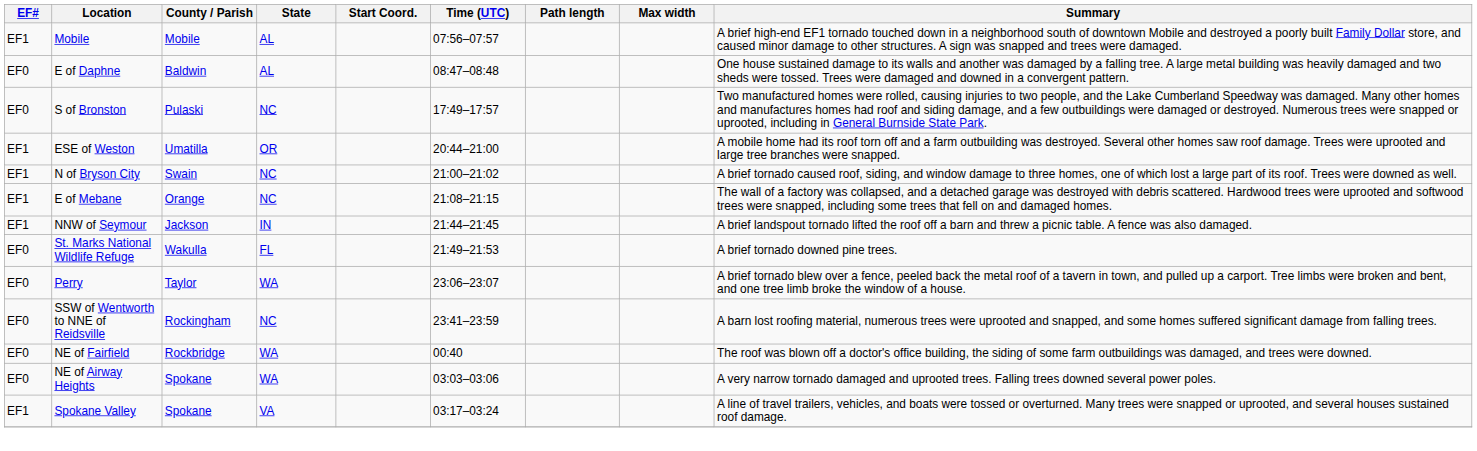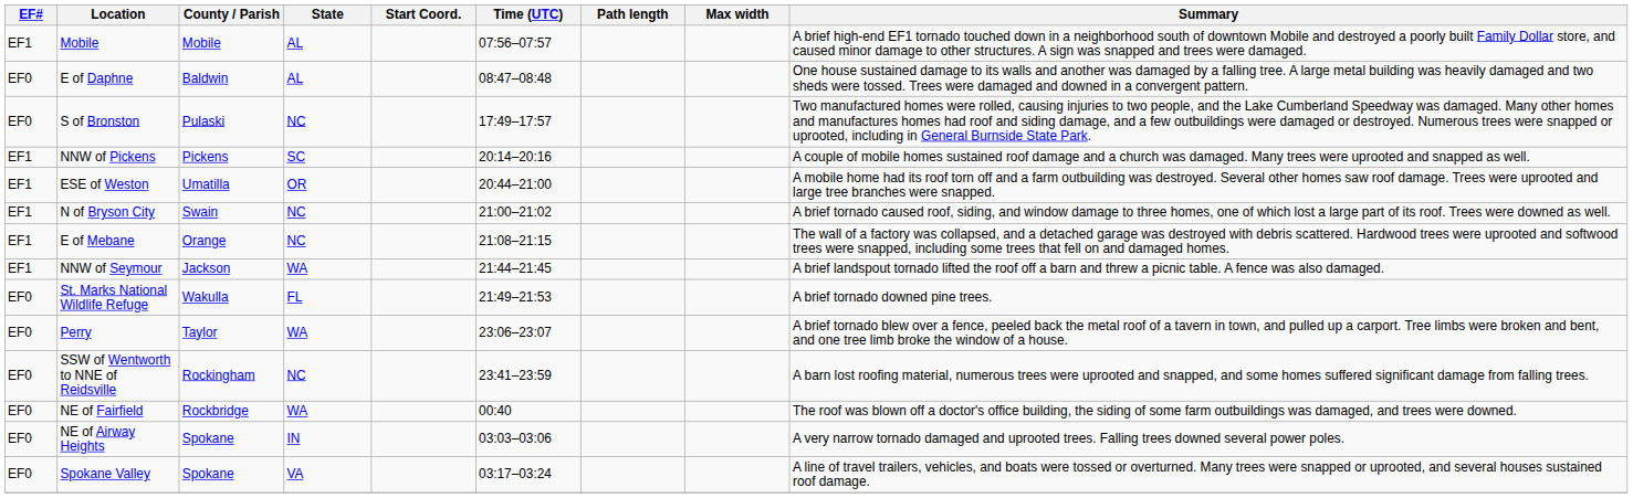 <table class="wikitable sortable" style="width:100%;">
 <tr>
 <th scope="col"  style="width:3%; text-align:center;"><a href='#'>EF#</a></th>
 <th scope="col"  style="width:7%; text-align:center;" class="unsortable">Location</th>
 <th scope="col"  style="width:6%; text-align:center;" class="unsortable">County / Parish</th>
 <th scope="col"  style="width:5%; text-align:center;">State</th>
 <th scope="col"  style="width:6%; text-align:center;">Start Coord.</th>
 <th scope="col"  style="width:6%; text-align:center;">Time (<a href='#'>UTC</a>)</th>
 <th scope="col"  style="width:6%; text-align:center;">Path length</th>
 <th scope="col"  style="width:6%; text-align:center;">Max width</th>
 <th scope="col" class="unsortable" style="width:48%; text-align:center;">Summary</th>
 </tr>
 <tr>
 <td>EF1</td>
 <td><a href='#'>Mobile</a></td>
 <td><a href='#'>Mobile</a></td>
 <td><a href='#'>AL</a></td>
 <td></td>
 <td>07:56–07:57</td>
 <td></td>
 <td></td>
 <td>A brief high-end EF1 tornado touched down in a neighborhood south of downtown Mobile and destroyed a poorly built <a href='#'>Family Dollar</a> store, and caused minor damage to other structures. A sign was snapped and trees were damaged.</td>
 </tr>
 <tr>
 <td>EF0</td>
 <td>E of <a href='#'>Daphne</a></td>
 <td><a href='#'>Baldwin</a></td>
 <td><a href='#'>AL</a></td>
 <td></td>
 <td>08:47–08:48</td>
 <td></td>
 <td></td>
 <td>One house sustained damage to its walls and another was damaged by a falling tree. A large metal building was heavily damaged and two sheds were tossed. Trees were damaged and downed in a convergent pattern.</td>
 </tr>
 <tr>
 <td>EF0</td>
 <td>S of <a href='#'>Bronston</a></td>
 <td><a href='#'>Pulaski</a></td>
 <td><a href='#'>NC</a></td>
 <td></td>
 <td>17:49–17:57</td>
 <td></td>
 <td></td>
 <td>Two manufactured homes were rolled, causing injuries to two people, and the Lake Cumberland Speedway was damaged. Many other homes and manufactures homes had roof and siding damage, and a few outbuildings were damaged or destroyed. Numerous trees were snapped or uprooted, including in <a href='#'>General Burnside State Park</a>.</td>
 </tr>
 <tr>
 <td>EF1</td>
+<td>NNW of <a href='#'>Pickens</a></td>
+<td><a href='#'>Pickens</a></td>
+<td><a href='#'>SC</a></td>
+<td></td>
+<td>20:14–20:16</td>
+<td></td>
+<td></td>
+<td>A couple of mobile homes sustained roof damage and a church was damaged. Many trees were uprooted and snapped as well.</td>
+</tr>
+<tr>
+<td>EF1</td>
 <td>ESE of <a href='#'>Weston</a></td>
 <td><a href='#'>Umatilla</a></td>
 <td><a href='#'>OR</a></td>
 <td></td>
 <td>20:44–21:00</td>
 <td></td>
 <td></td>
 <td>A mobile home had its roof torn off and a farm outbuilding was destroyed. Several other homes saw roof damage. Trees were uprooted and large tree branches were snapped.</td>
 </tr>
 <tr>
 <td>EF1</td>
 <td>N of <a href='#'>Bryson City</a></td>
 <td><a href='#'>Swain</a></td>
 <td><a href='#'>NC</a></td>
 <td></td>
 <td>21:00–21:02</td>
 <td></td>
 <td></td>
 <td>A brief tornado caused roof, siding, and window damage to three homes, one of which lost a large part of its roof. Trees were downed as well.</td>
 </tr>
 <tr>
 <td>EF1</td>
 <td>E of <a href='#'>Mebane</a></td>
 <td><a href='#'>Orange</a></td>
 <td><a href='#'>NC</a></td>
 <td></td>
 <td>21:08–21:15</td>
 <td></td>
 <td></td>
 <td>The wall of a factory was collapsed, and a detached garage was destroyed with debris scattered. Hardwood trees were uprooted and softwood trees were snapped, including some trees that fell on and damaged homes.</td>
 </tr>
 <tr>
 <td>EF1</td>
 <td>NNW of <a href='#'>Seymour</a></td>
 <td><a href='#'>Jackson</a></td>
-<td><a href='#'>IN</a></td>
+<td><a href='#'>WA</a></td>
 <td></td>
 <td>21:44–21:45</td>
 <td></td>
 <td></td>
 <td>A brief landspout tornado lifted the roof off a barn and threw a picnic table. A fence was also damaged.</td>
 </tr>
 <tr>
 <td>EF0</td>
 <td><a href='#'>St. Marks National Wildlife Refuge</a></td>
 <td><a href='#'>Wakulla</a></td>
 <td><a href='#'>FL</a></td>
 <td></td>
 <td>21:49–21:53</td>
 <td></td>
 <td></td>
 <td>A brief tornado downed pine trees.</td>
 </tr>
 <tr>
 <td>EF0</td>
 <td><a href='#'>Perry</a></td>
 <td><a href='#'>Taylor</a></td>
 <td><a href='#'>WA</a></td>
 <td></td>
 <td>23:06–23:07</td>
 <td></td>
 <td></td>
 <td>A brief tornado blew over a fence, peeled back the metal roof of a tavern in town, and pulled up a carport. Tree limbs were broken and bent, and one tree limb broke the window of a house.</td>
 </tr>
 <tr>
 <td>EF0</td>
 <td>SSW of <a href='#'>Wentworth</a> to NNE of <a href='#'>Reidsville</a></td>
 <td><a href='#'>Rockingham</a></td>
 <td><a href='#'>NC</a></td>
 <td></td>
 <td>23:41–23:59</td>
 <td></td>
 <td></td>
 <td>A barn lost roofing material, numerous trees were uprooted and snapped, and some homes suffered significant damage from falling trees.</td>
 </tr>
 <tr>
 <td>EF0</td>
 <td>NE of <a href='#'>Fairfield</a></td>
 <td><a href='#'>Rockbridge</a></td>
 <td><a href='#'>WA</a></td>
 <td></td>
 <td>00:40</td>
 <td></td>
 <td></td>
 <td>The roof was blown off a doctor's office building, the siding of some farm outbuildings was damaged, and trees were downed.</td>
 </tr>
 <tr>
 <td>EF0</td>
 <td>NE of <a href='#'>Airway Heights</a></td>
 <td><a href='#'>Spokane</a></td>
-<td><a href='#'>WA</a></td>
+<td><a href='#'>IN</a></td>
 <td></td>
 <td>03:03–03:06</td>
 <td></td>
 <td></td>
 <td>A very narrow tornado damaged and uprooted trees. Falling trees downed several power poles.</td>
 </tr>
 <tr>
-<td>EF1</td>
+<td>EF0</td>
 <td><a href='#'>Spokane Valley</a></td>
 <td><a href='#'>Spokane</a></td>
 <td><a href='#'>VA</a></td>
 <td></td>
 <td>03:17–03:24</td>
 <td></td>
 <td></td>
 <td>A line of travel trailers, vehicles, and boats were tossed or overturned. Many trees were snapped or uprooted, and several houses sustained roof damage.</td>
 </tr>
 <tr>
 </tr>
 </table>
